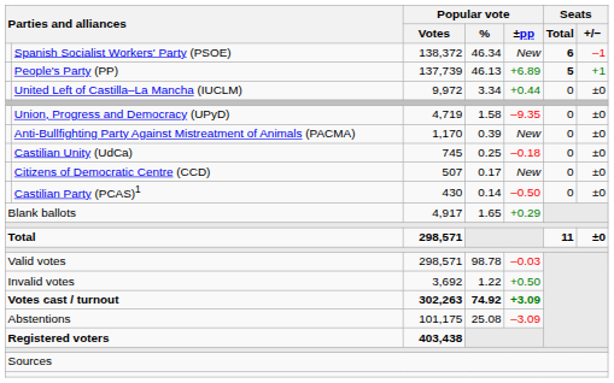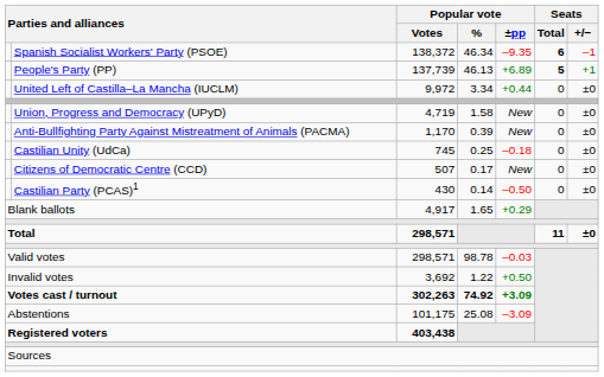 <table class="wikitable" style="text-align:right;">
 <tr>
 <th style="text-align:left;" rowspan="2" colspan="2" width="525">Parties and alliances</th>
 <th colspan="3">Popular vote</th>
 <th colspan="2">Seats</th>
 </tr>
 <tr>
 <th width="75">Votes</th>
 <th width="45">%</th>
 <th width="45">±<a href='#'>pp</a></th>
 <th width="35">Total</th>
 <th width="35">+/−</th>
 </tr>
 <tr>
 <td width="1" style="color:inherit;background:"></td>
 <td align="left"><a href='#'>Spanish Socialist Workers' Party</a> (PSOE)</td>
 <td>138,372</td>
 <td>46.34</td>
-<td><em>New</em></td>
+<td style="color:red;">–9.35</td>
 <td><strong>6</strong></td>
 <td style="color:red;">–1</td>
 </tr>
 <tr>
 <td style="color:inherit;background:"></td>
 <td align="left"><a href='#'>People's Party</a> (PP)</td>
 <td>137,739</td>
 <td>46.13</td>
 <td style="color:green;">+6.89</td>
 <td><strong>5</strong></td>
 <td style="color:green;">+1</td>
 </tr>
 <tr>
 <td style="color:inherit;background:"></td>
 <td align="left"><a href='#'>United Left of Castilla–La Mancha</a> (IUCLM)</td>
 <td>9,972</td>
 <td>3.34</td>
 <td style="color:green;">+0.44</td>
 <td>0</td>
 <td>±0</td>
 </tr>
 <tr>
 <td colspan="7" bgcolor="#C0C0C0"></td>
 </tr>
 <tr>
 <td style="color:inherit;background:"></td>
 <td align="left"><a href='#'>Union, Progress and Democracy</a> (UPyD)</td>
 <td>4,719</td>
 <td>1.58</td>
-<td style="color:red;">–9.35</td>
+<td><em>New</em></td>
 <td>0</td>
 <td>±0</td>
 </tr>
 <tr>
 <td style="color:inherit;background:"></td>
 <td align="left"><a href='#'>Anti-Bullfighting Party Against Mistreatment of Animals</a> (PACMA)</td>
 <td>1,170</td>
 <td>0.39</td>
 <td><em>New</em></td>
 <td>0</td>
 <td>±0</td>
 </tr>
 <tr>
 <td style="color:inherit;background:"></td>
 <td align="left"><a href='#'>Castilian Unity</a> (UdCa)</td>
 <td>745</td>
 <td>0.25</td>
 <td style="color:red;">–0.18</td>
 <td>0</td>
 <td>±0</td>
 </tr>
 <tr>
 <td style="color:inherit;background:"></td>
 <td align="left"><a href='#'>Citizens of Democratic Centre</a> (CCD)</td>
 <td>507</td>
 <td>0.17</td>
 <td><em>New</em></td>
 <td>0</td>
 <td>±0</td>
 </tr>
 <tr>
 <td style="color:inherit;background:"></td>
 <td align="left"><a href='#'>Castilian Party</a> (PCAS)<sup>1</sup></td>
 <td>430</td>
 <td>0.14</td>
 <td style="color:red;">–0.50</td>
 <td>0</td>
 <td>±0</td>
 </tr>
 <tr>
 <td align="left" colspan="2">Blank ballots</td>
 <td>4,917</td>
 <td>1.65</td>
 <td style="color:green;">+0.29</td>
 <td bgcolor="#E9E9E9" colspan="2"></td>
 </tr>
 <tr>
 <td colspan="7" bgcolor="#E9E9E9"></td>
 </tr>
 <tr style="font-weight:bold;">
 <td align="left" colspan="2">Total</td>
 <td>298,571</td>
 <td bgcolor="#E9E9E9" colspan="2"></td>
 <td>11</td>
 <td>±0</td>
 </tr>
 <tr>
 <td colspan="7" bgcolor="#E9E9E9"></td>
 </tr>
 <tr>
 <td align="left" colspan="2">Valid votes</td>
 <td>298,571</td>
 <td>98.78</td>
 <td style="color:red;">–0.03</td>
 <td bgcolor="#E9E9E9" colspan="2" rowspan="5"></td>
 </tr>
 <tr>
 <td align="left" colspan="2">Invalid votes</td>
 <td>3,692</td>
 <td>1.22</td>
 <td style="color:green;">+0.50</td>
 </tr>
 <tr style="font-weight:bold;">
 <td align="left" colspan="2">Votes cast / turnout</td>
 <td>302,263</td>
 <td>74.92</td>
 <td style="color:green;">+3.09</td>
 </tr>
 <tr>
 <td align="left" colspan="2">Abstentions</td>
 <td>101,175</td>
 <td>25.08</td>
 <td style="color:red;">–3.09</td>
 </tr>
 <tr style="font-weight:bold;">
 <td align="left" colspan="2">Registered voters</td>
 <td>403,438</td>
 <td bgcolor="#E9E9E9" colspan="2"></td>
 </tr>
 <tr>
 <td colspan="7" bgcolor="#E9E9E9"></td>
 </tr>
 <tr>
 <td align="left" colspan="7">Sources</td>
 </tr>
 <tr>
 <td colspan="7" style="text-align:left; max-width:790px;"></td>
 </tr>
 </table>
